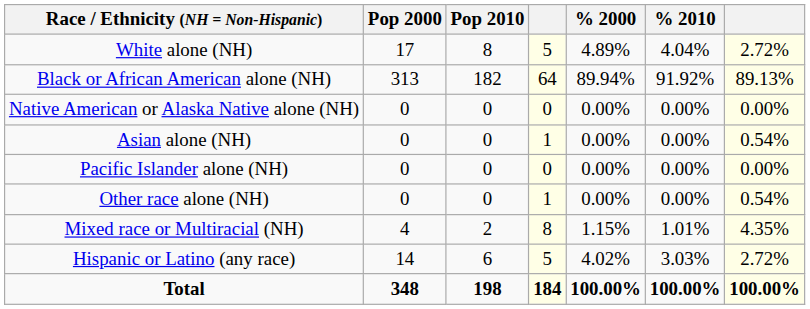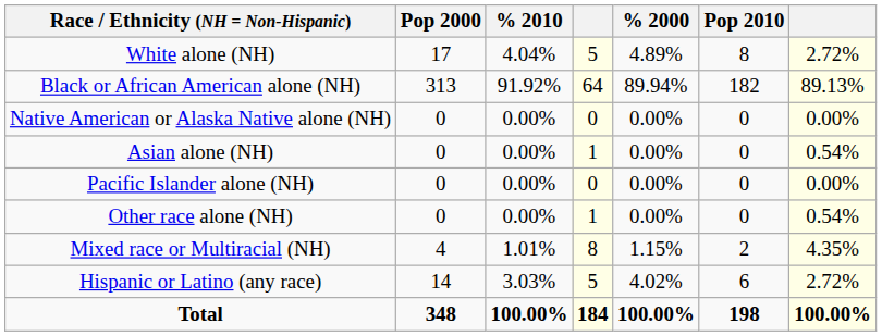 <table class="wikitable" style="text-align:center;">
 <tr>
 <th>Race / Ethnicity <small>(<em>NH = Non-Hispanic</em>)</small></th>
 <th>Pop 2000</th>
-<th>Pop 2010</th>
+<th>% 2010</th>
 <th></th>
 <th>% 2000</th>
-<th>% 2010</th>
+<th>Pop 2010</th>
 <th></th>
 </tr>
 <tr>
 <td><a href='#'>White</a> alone (NH)</td>
 <td>17</td>
-<td>8</td>
+<td>4.04%</td>
 <td style='background: #ffffe6;'>5</td>
 <td>4.89%</td>
-<td>4.04%</td>
+<td>8</td>
 <td style='background: #ffffe6;'>2.72%</td>
 </tr>
 <tr>
 <td><a href='#'>Black or African American</a> alone (NH)</td>
 <td>313</td>
-<td>182</td>
+<td>91.92%</td>
 <td style='background: #ffffe6;'>64</td>
 <td>89.94%</td>
-<td>91.92%</td>
+<td>182</td>
 <td style='background: #ffffe6;'>89.13%</td>
 </tr>
 <tr>
 <td><a href='#'>Native American</a> or <a href='#'>Alaska Native</a> alone (NH)</td>
 <td>0</td>
-<td>0</td>
+<td>0.00%</td>
 <td style='background: #ffffe6;'>0</td>
 <td>0.00%</td>
-<td>0.00%</td>
+<td>0</td>
 <td style='background: #ffffe6;'>0.00%</td>
 </tr>
 <tr>
 <td><a href='#'>Asian</a> alone (NH)</td>
 <td>0</td>
-<td>0</td>
+<td>0.00%</td>
 <td style='background: #ffffe6;'>1</td>
 <td>0.00%</td>
-<td>0.00%</td>
+<td>0</td>
 <td style='background: #ffffe6;'>0.54%</td>
 </tr>
 <tr>
 <td><a href='#'>Pacific Islander</a> alone (NH)</td>
 <td>0</td>
-<td>0</td>
+<td>0.00%</td>
 <td style='background: #ffffe6;'>0</td>
 <td>0.00%</td>
-<td>0.00%</td>
+<td>0</td>
 <td style='background: #ffffe6;'>0.00%</td>
 </tr>
 <tr>
 <td><a href='#'>Other race</a> alone (NH)</td>
 <td>0</td>
-<td>0</td>
+<td>0.00%</td>
 <td style='background: #ffffe6;'>1</td>
 <td>0.00%</td>
-<td>0.00%</td>
+<td>0</td>
 <td style='background: #ffffe6;'>0.54%</td>
 </tr>
 <tr>
 <td><a href='#'>Mixed race or Multiracial</a> (NH)</td>
 <td>4</td>
-<td>2</td>
+<td>1.01%</td>
 <td style='background: #ffffe6;'>8</td>
 <td>1.15%</td>
-<td>1.01%</td>
+<td>2</td>
 <td style='background: #ffffe6;'>4.35%</td>
 </tr>
 <tr>
 <td><a href='#'>Hispanic or Latino</a> (any race)</td>
 <td>14</td>
-<td>6</td>
+<td>3.03%</td>
 <td style='background: #ffffe6;'>5</td>
 <td>4.02%</td>
-<td>3.03%</td>
+<td>6</td>
 <td style='background: #ffffe6;'>2.72%</td>
 </tr>
 <tr>
 <td><strong>Total</strong></td>
 <td><strong>348</strong></td>
-<td><strong>198</strong></td>
+<td><strong>100.00%</strong></td>
 <td style='background: #ffffe6;'><strong>184</strong></td>
 <td><strong>100.00%</strong></td>
-<td><strong>100.00%</strong></td>
+<td><strong>198</strong></td>
 <td style='background: #ffffe6;'><strong>100.00%</strong></td>
 </tr>
 </table>
